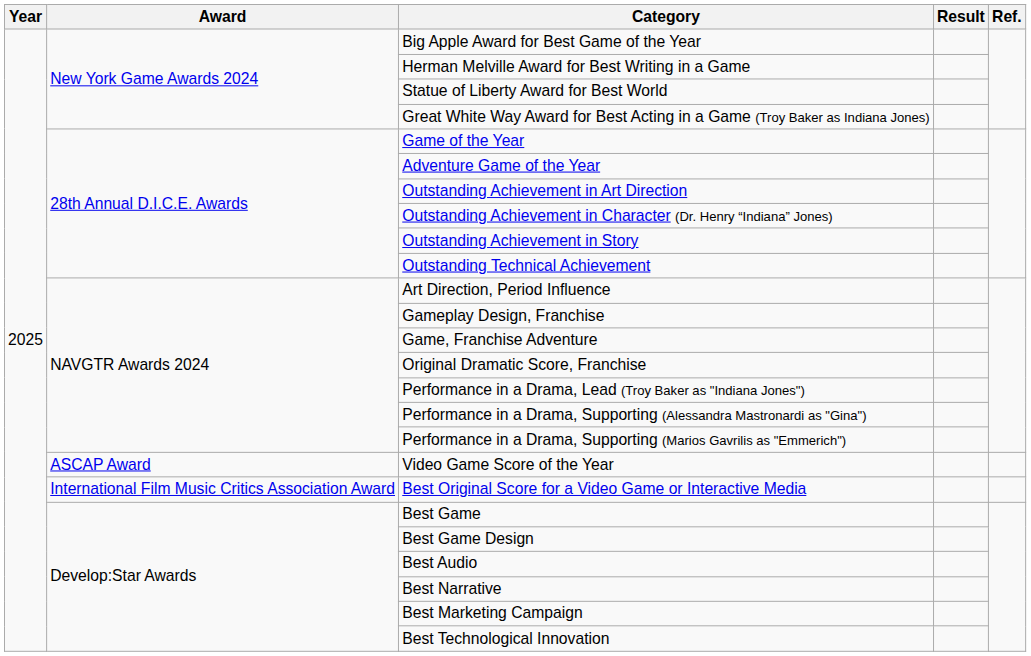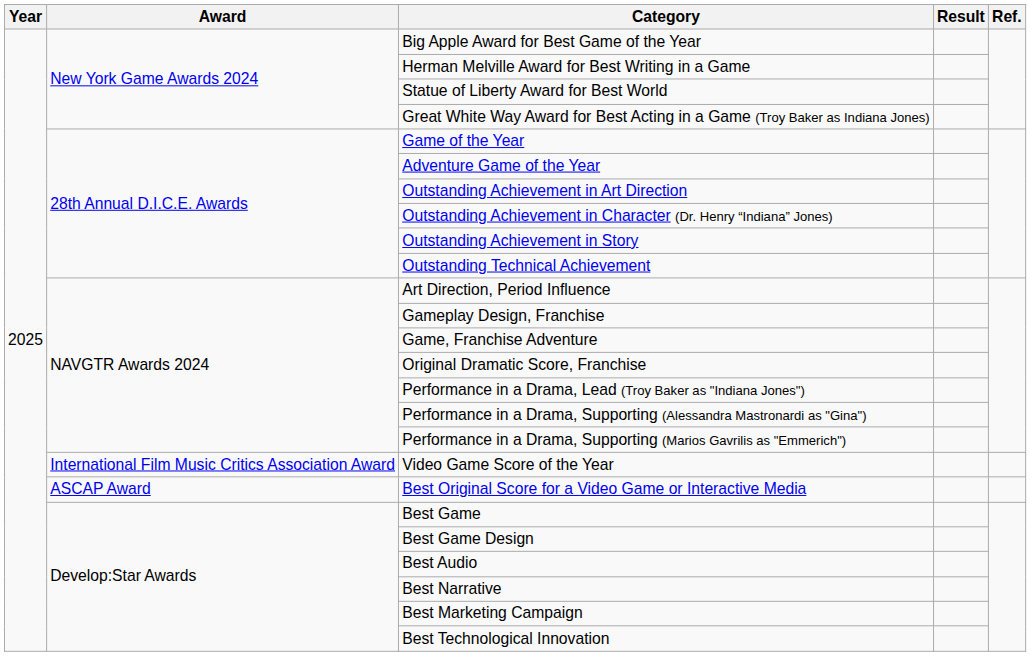 <table class="wikitable sortable">
 <tr>
 <th scope="col">Year</th>
 <th scope="col">Award</th>
 <th scope="col">Category</th>
 <th scope="col">Result</th>
 <th scope="col" class="unsortable">Ref.</th>
 </tr>
 <tr>
 <td rowspan="25" style="text-align:center;">2025</td>
 <td rowspan="4"><a href='#'>New York Game Awards 2024</a></td>
 <td>Big Apple Award for Best Game of the Year</td>
 <td></td>
 <td rowspan="4" style="text-align:center;"></td>
 </tr>
 <tr>
 <td>Herman Melville Award for Best Writing in a Game</td>
 <td></td>
 </tr>
 <tr>
 <td>Statue of Liberty Award for Best World</td>
 <td></td>
 </tr>
 <tr>
 <td>Great White Way Award for Best Acting in a Game <small>(Troy Baker as Indiana Jones)</small></td>
 <td></td>
 </tr>
 <tr>
 <td rowspan="6"><a href='#'>28th Annual D.I.C.E. Awards</a></td>
 <td><a href='#'>Game of the Year</a></td>
 <td></td>
 <td rowspan="6" style="text-align:center;"></td>
 </tr>
 <tr>
 <td><a href='#'>Adventure Game of the Year</a></td>
 <td></td>
 </tr>
 <tr>
 <td><a href='#'>Outstanding Achievement in Art Direction</a></td>
 <td></td>
 </tr>
 <tr>
 <td><a href='#'>Outstanding Achievement in Character</a> <small>(Dr. Henry “Indiana” Jones)</small></td>
 <td></td>
 </tr>
 <tr>
 <td><a href='#'>Outstanding Achievement in Story</a></td>
 <td></td>
 </tr>
 <tr>
 <td><a href='#'>Outstanding Technical Achievement</a></td>
 <td></td>
 </tr>
 <tr>
 <td rowspan="7">NAVGTR Awards 2024</td>
 <td>Art Direction, Period Influence</td>
 <td></td>
 <td align="center" rowspan="7"></td>
 </tr>
 <tr>
 <td>Gameplay Design, Franchise</td>
 <td></td>
 </tr>
 <tr>
 <td>Game, Franchise Adventure</td>
 <td></td>
 </tr>
 <tr>
 <td>Original Dramatic Score, Franchise</td>
 <td></td>
 </tr>
 <tr>
 <td>Performance in a Drama, Lead <small>(Troy Baker as "Indiana Jones")</small></td>
 <td></td>
 </tr>
 <tr>
 <td>Performance in a Drama, Supporting <small>(Alessandra Mastronardi as "Gina")</small></td>
 <td></td>
 </tr>
 <tr>
 <td>Performance in a Drama, Supporting <small>(Marios Gavrilis as "Emmerich")</small></td>
 <td></td>
 </tr>
 <tr>
-<td><a href='#'>ASCAP Award</a></td>
+<td><a href='#'>International Film Music Critics Association Award</a></td>
 <td>Video Game Score of the Year</td>
 <td></td>
 <td style="text-align:center;"></td>
 </tr>
 <tr>
-<td><a href='#'>International Film Music Critics Association Award</a></td>
+<td><a href='#'>ASCAP Award</a></td>
 <td><a href='#'>Best Original Score for a Video Game or Interactive Media</a></td>
 <td></td>
 <td style="text-align:center;"></td>
 </tr>
 <tr>
 <td rowspan="6">Develop:Star Awards</td>
 <td>Best Game</td>
 <td></td>
 <td align="center" rowspan="6"></td>
 </tr>
 <tr>
 <td>Best Game Design</td>
 <td></td>
 </tr>
 <tr>
 <td>Best Audio</td>
 <td></td>
 </tr>
 <tr>
 <td>Best Narrative</td>
 <td></td>
 </tr>
 <tr>
 <td>Best Marketing Campaign</td>
 <td></td>
 </tr>
 <tr>
 <td>Best Technological Innovation</td>
 <td></td>
 </tr>
 </table>
